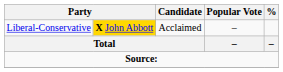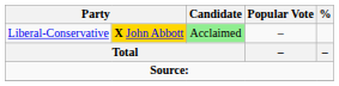 <table class="wikitable">
 <tr>
 <th colspan="2">Party</th>
 <th>Candidate</th>
 <th>Popular Vote</th>
 <th>%</th>
 </tr>
 <tr>
 <td><a href='#'>Liberal-Conservative</a></td>
 <td style="background: gold;"> <strong>X</strong> <a href='#'>John Abbott</a></td>
-<td align=center>Acclaimed</td>
+<td align=center style="background: lightgreen;">Acclaimed</td>
 <td align=center>–</td>
 </tr>
 <tr>
 <th colspan=3 align=center>Total</th>
 <th align=right>–</th>
 <th align=right>–</th>
 </tr>
 <tr>
 <td align="center" colspan=5><strong>Source:</strong> </td>
 </tr>
 <tr>
 </tr>
 </table>
